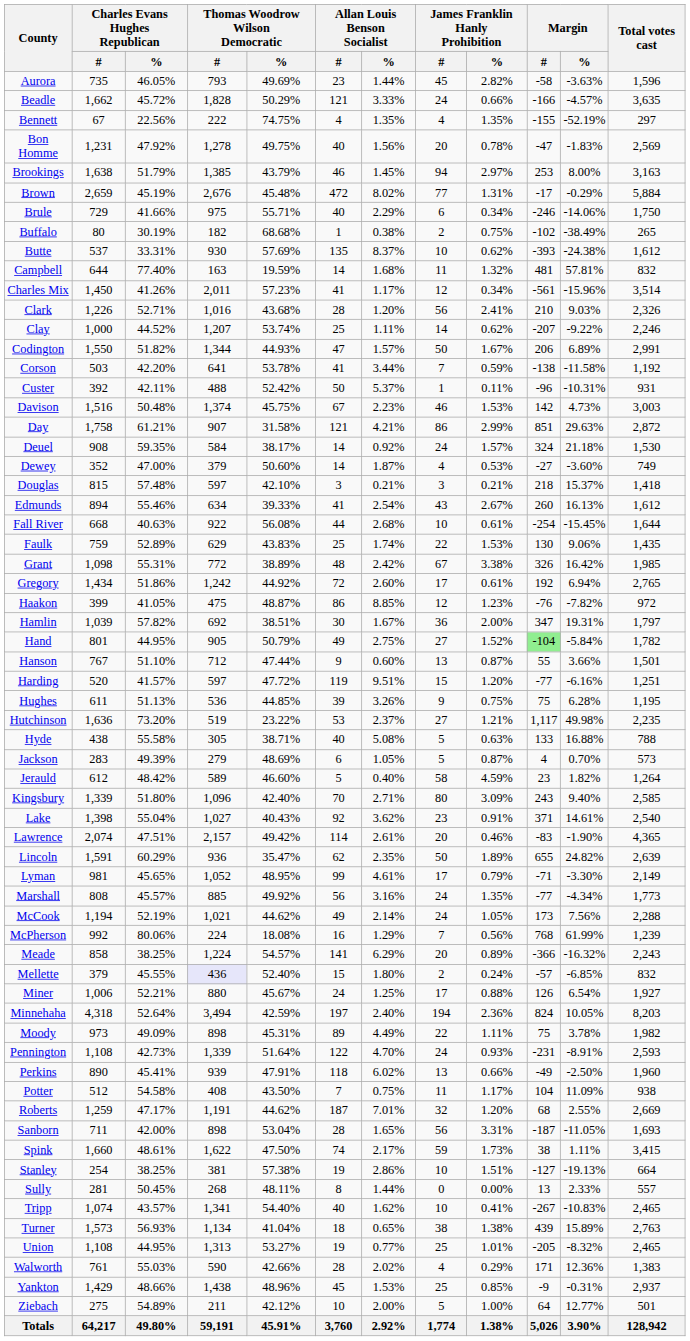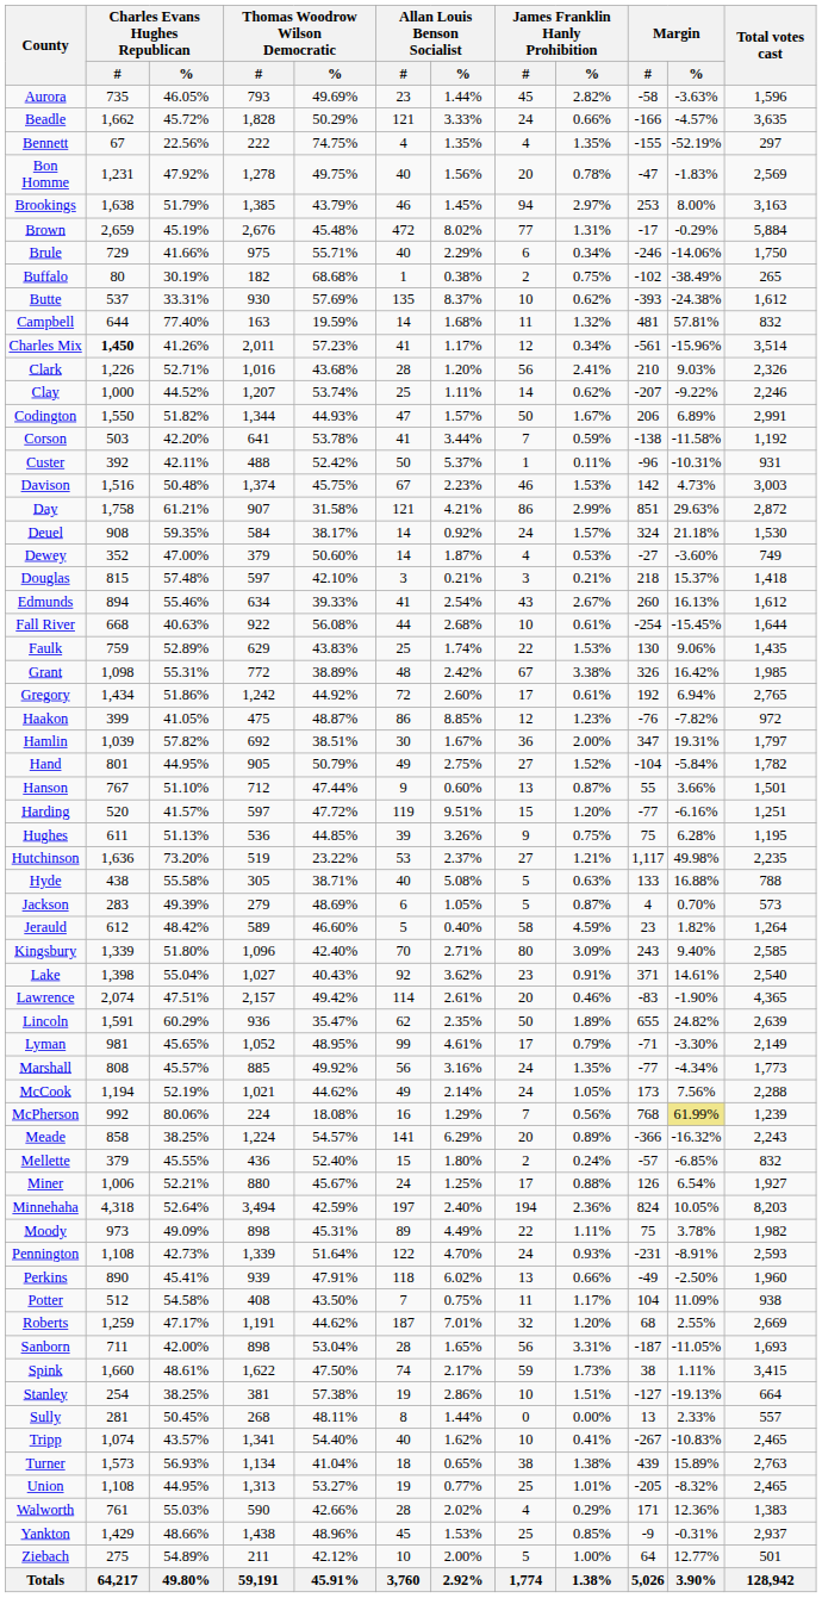 <table width="70%" class="wikitable sortable">
 <tr>
 <th rowspan="2">County</th>
 <th colspan="2">Charles Evans Hughes<br>Republican</th>
 <th colspan="2">Thomas Woodrow Wilson<br>Democratic</th>
 <th colspan="2">Allan Louis Benson<br>Socialist</th>
 <th colspan="2">James Franklin Hanly<br>Prohibition</th>
 <th colspan="2">Margin</th>
 <th rowspan="2">Total votes cast</th>
 </tr>
 <tr bgcolor="lightgrey">
 <th data-sort-type="number">#</th>
 <th data-sort-type="number">%</th>
 <th data-sort-type="number">#</th>
 <th data-sort-type="number">%</th>
 <th data-sort-type="number">#</th>
 <th data-sort-type="number">%</th>
 <th data-sort-type="number">#</th>
 <th data-sort-type="number">%</th>
 <th data-sort-type="number">#</th>
 <th data-sort-type="number">%</th>
 </tr>
 <tr style="text-align:center;">
 <td><a href='#'>Aurora</a></td>
 <td>735</td>
 <td>46.05%</td>
 <td>793</td>
 <td>49.69%</td>
 <td>23</td>
 <td>1.44%</td>
 <td>45</td>
 <td>2.82%</td>
 <td>-58</td>
 <td>-3.63%</td>
 <td>1,596</td>
 </tr>
 <tr style="text-align:center;">
 <td><a href='#'>Beadle</a></td>
 <td>1,662</td>
 <td>45.72%</td>
 <td>1,828</td>
 <td>50.29%</td>
 <td>121</td>
 <td>3.33%</td>
 <td>24</td>
 <td>0.66%</td>
 <td>-166</td>
 <td>-4.57%</td>
 <td>3,635</td>
 </tr>
 <tr style="text-align:center;">
 <td><a href='#'>Bennett</a></td>
 <td>67</td>
 <td>22.56%</td>
 <td>222</td>
 <td>74.75%</td>
 <td>4</td>
 <td>1.35%</td>
 <td>4</td>
 <td>1.35%</td>
 <td>-155</td>
 <td>-52.19%</td>
 <td>297</td>
 </tr>
 <tr style="text-align:center;">
 <td><a href='#'>Bon Homme</a></td>
 <td>1,231</td>
 <td>47.92%</td>
 <td>1,278</td>
 <td>49.75%</td>
 <td>40</td>
 <td>1.56%</td>
 <td>20</td>
 <td>0.78%</td>
 <td>-47</td>
 <td>-1.83%</td>
 <td>2,569</td>
 </tr>
 <tr style="text-align:center;">
 <td><a href='#'>Brookings</a></td>
 <td>1,638</td>
 <td>51.79%</td>
 <td>1,385</td>
 <td>43.79%</td>
 <td>46</td>
 <td>1.45%</td>
 <td>94</td>
 <td>2.97%</td>
 <td>253</td>
 <td>8.00%</td>
 <td>3,163</td>
 </tr>
 <tr style="text-align:center;">
 <td><a href='#'>Brown</a></td>
 <td>2,659</td>
 <td>45.19%</td>
 <td>2,676</td>
 <td>45.48%</td>
 <td>472</td>
 <td>8.02%</td>
 <td>77</td>
 <td>1.31%</td>
 <td>-17</td>
 <td>-0.29%</td>
 <td>5,884</td>
 </tr>
 <tr style="text-align:center;">
 <td><a href='#'>Brule</a></td>
 <td>729</td>
 <td>41.66%</td>
 <td>975</td>
 <td>55.71%</td>
 <td>40</td>
 <td>2.29%</td>
 <td>6</td>
 <td>0.34%</td>
 <td>-246</td>
 <td>-14.06%</td>
 <td>1,750</td>
 </tr>
 <tr style="text-align:center;">
 <td><a href='#'>Buffalo</a></td>
 <td>80</td>
 <td>30.19%</td>
 <td>182</td>
 <td>68.68%</td>
 <td>1</td>
 <td>0.38%</td>
 <td>2</td>
 <td>0.75%</td>
 <td>-102</td>
 <td>-38.49%</td>
 <td>265</td>
 </tr>
 <tr style="text-align:center;">
 <td><a href='#'>Butte</a></td>
 <td>537</td>
 <td>33.31%</td>
 <td>930</td>
 <td>57.69%</td>
 <td>135</td>
 <td>8.37%</td>
 <td>10</td>
 <td>0.62%</td>
 <td>-393</td>
 <td>-24.38%</td>
 <td>1,612</td>
 </tr>
 <tr style="text-align:center;">
 <td><a href='#'>Campbell</a></td>
 <td>644</td>
 <td>77.40%</td>
 <td>163</td>
 <td>19.59%</td>
 <td>14</td>
 <td>1.68%</td>
 <td>11</td>
 <td>1.32%</td>
 <td>481</td>
 <td>57.81%</td>
 <td>832</td>
 </tr>
 <tr style="text-align:center;">
 <td><a href='#'>Charles Mix</a></td>
-<td>1,450</td>
+<td><strong>1,450</strong></td>
 <td>41.26%</td>
 <td>2,011</td>
 <td>57.23%</td>
 <td>41</td>
 <td>1.17%</td>
 <td>12</td>
 <td>0.34%</td>
 <td>-561</td>
 <td>-15.96%</td>
 <td>3,514</td>
 </tr>
 <tr style="text-align:center;">
 <td><a href='#'>Clark</a></td>
 <td>1,226</td>
 <td>52.71%</td>
 <td>1,016</td>
 <td>43.68%</td>
 <td>28</td>
 <td>1.20%</td>
 <td>56</td>
 <td>2.41%</td>
 <td>210</td>
 <td>9.03%</td>
 <td>2,326</td>
 </tr>
 <tr style="text-align:center;">
 <td><a href='#'>Clay</a></td>
 <td>1,000</td>
 <td>44.52%</td>
 <td>1,207</td>
 <td>53.74%</td>
 <td>25</td>
 <td>1.11%</td>
 <td>14</td>
 <td>0.62%</td>
 <td>-207</td>
 <td>-9.22%</td>
 <td>2,246</td>
 </tr>
 <tr style="text-align:center;">
 <td><a href='#'>Codington</a></td>
 <td>1,550</td>
 <td>51.82%</td>
 <td>1,344</td>
 <td>44.93%</td>
 <td>47</td>
 <td>1.57%</td>
 <td>50</td>
 <td>1.67%</td>
 <td>206</td>
 <td>6.89%</td>
 <td>2,991</td>
 </tr>
 <tr style="text-align:center;">
 <td><a href='#'>Corson</a></td>
 <td>503</td>
 <td>42.20%</td>
 <td>641</td>
 <td>53.78%</td>
 <td>41</td>
 <td>3.44%</td>
 <td>7</td>
 <td>0.59%</td>
 <td>-138</td>
 <td>-11.58%</td>
 <td>1,192</td>
 </tr>
 <tr style="text-align:center;">
 <td><a href='#'>Custer</a></td>
 <td>392</td>
 <td>42.11%</td>
 <td>488</td>
 <td>52.42%</td>
 <td>50</td>
 <td>5.37%</td>
 <td>1</td>
 <td>0.11%</td>
 <td>-96</td>
 <td>-10.31%</td>
 <td>931</td>
 </tr>
 <tr style="text-align:center;">
 <td><a href='#'>Davison</a></td>
 <td>1,516</td>
 <td>50.48%</td>
 <td>1,374</td>
 <td>45.75%</td>
 <td>67</td>
 <td>2.23%</td>
 <td>46</td>
 <td>1.53%</td>
 <td>142</td>
 <td>4.73%</td>
 <td>3,003</td>
 </tr>
 <tr style="text-align:center;">
 <td><a href='#'>Day</a></td>
 <td>1,758</td>
 <td>61.21%</td>
 <td>907</td>
 <td>31.58%</td>
 <td>121</td>
 <td>4.21%</td>
 <td>86</td>
 <td>2.99%</td>
 <td>851</td>
 <td>29.63%</td>
 <td>2,872</td>
 </tr>
 <tr style="text-align:center;">
 <td><a href='#'>Deuel</a></td>
 <td>908</td>
 <td>59.35%</td>
 <td>584</td>
 <td>38.17%</td>
 <td>14</td>
 <td>0.92%</td>
 <td>24</td>
 <td>1.57%</td>
 <td>324</td>
 <td>21.18%</td>
 <td>1,530</td>
 </tr>
 <tr style="text-align:center;">
 <td><a href='#'>Dewey</a></td>
 <td>352</td>
 <td>47.00%</td>
 <td>379</td>
 <td>50.60%</td>
 <td>14</td>
 <td>1.87%</td>
 <td>4</td>
 <td>0.53%</td>
 <td>-27</td>
 <td>-3.60%</td>
 <td>749</td>
 </tr>
 <tr style="text-align:center;">
 <td><a href='#'>Douglas</a></td>
 <td>815</td>
 <td>57.48%</td>
 <td>597</td>
 <td>42.10%</td>
 <td>3</td>
 <td>0.21%</td>
 <td>3</td>
 <td>0.21%</td>
 <td>218</td>
 <td>15.37%</td>
 <td>1,418</td>
 </tr>
 <tr style="text-align:center;">
 <td><a href='#'>Edmunds</a></td>
 <td>894</td>
 <td>55.46%</td>
 <td>634</td>
 <td>39.33%</td>
 <td>41</td>
 <td>2.54%</td>
 <td>43</td>
 <td>2.67%</td>
 <td>260</td>
 <td>16.13%</td>
 <td>1,612</td>
 </tr>
 <tr style="text-align:center;">
 <td><a href='#'>Fall River</a></td>
 <td>668</td>
 <td>40.63%</td>
 <td>922</td>
 <td>56.08%</td>
 <td>44</td>
 <td>2.68%</td>
 <td>10</td>
 <td>0.61%</td>
 <td>-254</td>
 <td>-15.45%</td>
 <td>1,644</td>
 </tr>
 <tr style="text-align:center;">
 <td><a href='#'>Faulk</a></td>
 <td>759</td>
 <td>52.89%</td>
 <td>629</td>
 <td>43.83%</td>
 <td>25</td>
 <td>1.74%</td>
 <td>22</td>
 <td>1.53%</td>
 <td>130</td>
 <td>9.06%</td>
 <td>1,435</td>
 </tr>
 <tr style="text-align:center;">
 <td><a href='#'>Grant</a></td>
 <td>1,098</td>
 <td>55.31%</td>
 <td>772</td>
 <td>38.89%</td>
 <td>48</td>
 <td>2.42%</td>
 <td>67</td>
 <td>3.38%</td>
 <td>326</td>
 <td>16.42%</td>
 <td>1,985</td>
 </tr>
 <tr style="text-align:center;">
 <td><a href='#'>Gregory</a></td>
 <td>1,434</td>
 <td>51.86%</td>
 <td>1,242</td>
 <td>44.92%</td>
 <td>72</td>
 <td>2.60%</td>
 <td>17</td>
 <td>0.61%</td>
 <td>192</td>
 <td>6.94%</td>
 <td>2,765</td>
 </tr>
 <tr style="text-align:center;">
 <td><a href='#'>Haakon</a></td>
 <td>399</td>
 <td>41.05%</td>
 <td>475</td>
 <td>48.87%</td>
 <td>86</td>
 <td>8.85%</td>
 <td>12</td>
 <td>1.23%</td>
 <td>-76</td>
 <td>-7.82%</td>
 <td>972</td>
 </tr>
 <tr style="text-align:center;">
 <td><a href='#'>Hamlin</a></td>
 <td>1,039</td>
 <td>57.82%</td>
 <td>692</td>
 <td>38.51%</td>
 <td>30</td>
 <td>1.67%</td>
 <td>36</td>
 <td>2.00%</td>
 <td>347</td>
 <td>19.31%</td>
 <td>1,797</td>
 </tr>
 <tr style="text-align:center;">
 <td><a href='#'>Hand</a></td>
 <td>801</td>
 <td>44.95%</td>
 <td>905</td>
 <td>50.79%</td>
 <td>49</td>
 <td>2.75%</td>
 <td>27</td>
 <td>1.52%</td>
-<td style="background: lightgreen;">-104</td>
+<td>-104</td>
 <td>-5.84%</td>
 <td>1,782</td>
 </tr>
 <tr style="text-align:center;">
 <td><a href='#'>Hanson</a></td>
 <td>767</td>
 <td>51.10%</td>
 <td>712</td>
 <td>47.44%</td>
 <td>9</td>
 <td>0.60%</td>
 <td>13</td>
 <td>0.87%</td>
 <td>55</td>
 <td>3.66%</td>
 <td>1,501</td>
 </tr>
 <tr style="text-align:center;">
 <td><a href='#'>Harding</a></td>
 <td>520</td>
 <td>41.57%</td>
 <td>597</td>
 <td>47.72%</td>
 <td>119</td>
 <td>9.51%</td>
 <td>15</td>
 <td>1.20%</td>
 <td>-77</td>
 <td>-6.16%</td>
 <td>1,251</td>
 </tr>
 <tr style="text-align:center;">
 <td><a href='#'>Hughes</a></td>
 <td>611</td>
 <td>51.13%</td>
 <td>536</td>
 <td>44.85%</td>
 <td>39</td>
 <td>3.26%</td>
 <td>9</td>
 <td>0.75%</td>
 <td>75</td>
 <td>6.28%</td>
 <td>1,195</td>
 </tr>
 <tr style="text-align:center;">
 <td><a href='#'>Hutchinson</a></td>
 <td>1,636</td>
 <td>73.20%</td>
 <td>519</td>
 <td>23.22%</td>
 <td>53</td>
 <td>2.37%</td>
 <td>27</td>
 <td>1.21%</td>
 <td>1,117</td>
 <td>49.98%</td>
 <td>2,235</td>
 </tr>
 <tr style="text-align:center;">
 <td><a href='#'>Hyde</a></td>
 <td>438</td>
 <td>55.58%</td>
 <td>305</td>
 <td>38.71%</td>
 <td>40</td>
 <td>5.08%</td>
 <td>5</td>
 <td>0.63%</td>
 <td>133</td>
 <td>16.88%</td>
 <td>788</td>
 </tr>
 <tr style="text-align:center;">
 <td><a href='#'>Jackson</a></td>
 <td>283</td>
 <td>49.39%</td>
 <td>279</td>
 <td>48.69%</td>
 <td>6</td>
 <td>1.05%</td>
 <td>5</td>
 <td>0.87%</td>
 <td>4</td>
 <td>0.70%</td>
 <td>573</td>
 </tr>
 <tr style="text-align:center;">
 <td><a href='#'>Jerauld</a></td>
 <td>612</td>
 <td>48.42%</td>
 <td>589</td>
 <td>46.60%</td>
 <td>5</td>
 <td>0.40%</td>
 <td>58</td>
 <td>4.59%</td>
 <td>23</td>
 <td>1.82%</td>
 <td>1,264</td>
 </tr>
 <tr style="text-align:center;">
 <td><a href='#'>Kingsbury</a></td>
 <td>1,339</td>
 <td>51.80%</td>
 <td>1,096</td>
 <td>42.40%</td>
 <td>70</td>
 <td>2.71%</td>
 <td>80</td>
 <td>3.09%</td>
 <td>243</td>
 <td>9.40%</td>
 <td>2,585</td>
 </tr>
 <tr style="text-align:center;">
 <td><a href='#'>Lake</a></td>
 <td>1,398</td>
 <td>55.04%</td>
 <td>1,027</td>
 <td>40.43%</td>
 <td>92</td>
 <td>3.62%</td>
 <td>23</td>
 <td>0.91%</td>
 <td>371</td>
 <td>14.61%</td>
 <td>2,540</td>
 </tr>
 <tr style="text-align:center;">
 <td><a href='#'>Lawrence</a></td>
 <td>2,074</td>
 <td>47.51%</td>
 <td>2,157</td>
 <td>49.42%</td>
 <td>114</td>
 <td>2.61%</td>
 <td>20</td>
 <td>0.46%</td>
 <td>-83</td>
 <td>-1.90%</td>
 <td>4,365</td>
 </tr>
 <tr style="text-align:center;">
 <td><a href='#'>Lincoln</a></td>
 <td>1,591</td>
 <td>60.29%</td>
 <td>936</td>
 <td>35.47%</td>
 <td>62</td>
 <td>2.35%</td>
 <td>50</td>
 <td>1.89%</td>
 <td>655</td>
 <td>24.82%</td>
 <td>2,639</td>
 </tr>
 <tr style="text-align:center;">
 <td><a href='#'>Lyman</a></td>
 <td>981</td>
 <td>45.65%</td>
 <td>1,052</td>
 <td>48.95%</td>
 <td>99</td>
 <td>4.61%</td>
 <td>17</td>
 <td>0.79%</td>
 <td>-71</td>
 <td>-3.30%</td>
 <td>2,149</td>
 </tr>
 <tr style="text-align:center;">
 <td><a href='#'>Marshall</a></td>
 <td>808</td>
 <td>45.57%</td>
 <td>885</td>
 <td>49.92%</td>
 <td>56</td>
 <td>3.16%</td>
 <td>24</td>
 <td>1.35%</td>
 <td>-77</td>
 <td>-4.34%</td>
 <td>1,773</td>
 </tr>
 <tr style="text-align:center;">
 <td><a href='#'>McCook</a></td>
 <td>1,194</td>
 <td>52.19%</td>
 <td>1,021</td>
 <td>44.62%</td>
 <td>49</td>
 <td>2.14%</td>
 <td>24</td>
 <td>1.05%</td>
 <td>173</td>
 <td>7.56%</td>
 <td>2,288</td>
 </tr>
 <tr style="text-align:center;">
 <td><a href='#'>McPherson</a></td>
 <td>992</td>
 <td>80.06%</td>
 <td>224</td>
 <td>18.08%</td>
 <td>16</td>
 <td>1.29%</td>
 <td>7</td>
 <td>0.56%</td>
 <td>768</td>
-<td>61.99%</td>
+<td style="background: khaki;">61.99%</td>
 <td>1,239</td>
 </tr>
 <tr style="text-align:center;">
 <td><a href='#'>Meade</a></td>
 <td>858</td>
 <td>38.25%</td>
 <td>1,224</td>
 <td>54.57%</td>
 <td>141</td>
 <td>6.29%</td>
 <td>20</td>
 <td>0.89%</td>
 <td>-366</td>
 <td>-16.32%</td>
 <td>2,243</td>
 </tr>
 <tr style="text-align:center;">
 <td><a href='#'>Mellette</a></td>
 <td>379</td>
 <td>45.55%</td>
-<td style="background: lavender;">436</td>
+<td>436</td>
 <td>52.40%</td>
 <td>15</td>
 <td>1.80%</td>
 <td>2</td>
 <td>0.24%</td>
 <td>-57</td>
 <td>-6.85%</td>
 <td>832</td>
 </tr>
 <tr style="text-align:center;">
 <td><a href='#'>Miner</a></td>
 <td>1,006</td>
 <td>52.21%</td>
 <td>880</td>
 <td>45.67%</td>
 <td>24</td>
 <td>1.25%</td>
 <td>17</td>
 <td>0.88%</td>
 <td>126</td>
 <td>6.54%</td>
 <td>1,927</td>
 </tr>
 <tr style="text-align:center;">
 <td><a href='#'>Minnehaha</a></td>
 <td>4,318</td>
 <td>52.64%</td>
 <td>3,494</td>
 <td>42.59%</td>
 <td>197</td>
 <td>2.40%</td>
 <td>194</td>
 <td>2.36%</td>
 <td>824</td>
 <td>10.05%</td>
 <td>8,203</td>
 </tr>
 <tr style="text-align:center;">
 <td><a href='#'>Moody</a></td>
 <td>973</td>
 <td>49.09%</td>
 <td>898</td>
 <td>45.31%</td>
 <td>89</td>
 <td>4.49%</td>
 <td>22</td>
 <td>1.11%</td>
 <td>75</td>
 <td>3.78%</td>
 <td>1,982</td>
 </tr>
 <tr style="text-align:center;">
 <td><a href='#'>Pennington</a></td>
 <td>1,108</td>
 <td>42.73%</td>
 <td>1,339</td>
 <td>51.64%</td>
 <td>122</td>
 <td>4.70%</td>
 <td>24</td>
 <td>0.93%</td>
 <td>-231</td>
 <td>-8.91%</td>
 <td>2,593</td>
 </tr>
 <tr style="text-align:center;">
 <td><a href='#'>Perkins</a></td>
 <td>890</td>
 <td>45.41%</td>
 <td>939</td>
 <td>47.91%</td>
 <td>118</td>
 <td>6.02%</td>
 <td>13</td>
 <td>0.66%</td>
 <td>-49</td>
 <td>-2.50%</td>
 <td>1,960</td>
 </tr>
 <tr style="text-align:center;">
 <td><a href='#'>Potter</a></td>
 <td>512</td>
 <td>54.58%</td>
 <td>408</td>
 <td>43.50%</td>
 <td>7</td>
 <td>0.75%</td>
 <td>11</td>
 <td>1.17%</td>
 <td>104</td>
 <td>11.09%</td>
 <td>938</td>
 </tr>
 <tr style="text-align:center;">
 <td><a href='#'>Roberts</a></td>
 <td>1,259</td>
 <td>47.17%</td>
 <td>1,191</td>
 <td>44.62%</td>
 <td>187</td>
 <td>7.01%</td>
 <td>32</td>
 <td>1.20%</td>
 <td>68</td>
 <td>2.55%</td>
 <td>2,669</td>
 </tr>
 <tr style="text-align:center;">
 <td><a href='#'>Sanborn</a></td>
 <td>711</td>
 <td>42.00%</td>
 <td>898</td>
 <td>53.04%</td>
 <td>28</td>
 <td>1.65%</td>
 <td>56</td>
 <td>3.31%</td>
 <td>-187</td>
 <td>-11.05%</td>
 <td>1,693</td>
 </tr>
 <tr style="text-align:center;">
 <td><a href='#'>Spink</a></td>
 <td>1,660</td>
 <td>48.61%</td>
 <td>1,622</td>
 <td>47.50%</td>
 <td>74</td>
 <td>2.17%</td>
 <td>59</td>
 <td>1.73%</td>
 <td>38</td>
 <td>1.11%</td>
 <td>3,415</td>
 </tr>
 <tr style="text-align:center;">
 <td><a href='#'>Stanley</a></td>
 <td>254</td>
 <td>38.25%</td>
 <td>381</td>
 <td>57.38%</td>
 <td>19</td>
 <td>2.86%</td>
 <td>10</td>
 <td>1.51%</td>
 <td>-127</td>
 <td>-19.13%</td>
 <td>664</td>
 </tr>
 <tr style="text-align:center;">
 <td><a href='#'>Sully</a></td>
 <td>281</td>
 <td>50.45%</td>
 <td>268</td>
 <td>48.11%</td>
 <td>8</td>
 <td>1.44%</td>
 <td>0</td>
 <td>0.00%</td>
 <td>13</td>
 <td>2.33%</td>
 <td>557</td>
 </tr>
 <tr style="text-align:center;">
 <td><a href='#'>Tripp</a></td>
 <td>1,074</td>
 <td>43.57%</td>
 <td>1,341</td>
 <td>54.40%</td>
 <td>40</td>
 <td>1.62%</td>
 <td>10</td>
 <td>0.41%</td>
 <td>-267</td>
 <td>-10.83%</td>
 <td>2,465</td>
 </tr>
 <tr style="text-align:center;">
 <td><a href='#'>Turner</a></td>
 <td>1,573</td>
 <td>56.93%</td>
 <td>1,134</td>
 <td>41.04%</td>
 <td>18</td>
 <td>0.65%</td>
 <td>38</td>
 <td>1.38%</td>
 <td>439</td>
 <td>15.89%</td>
 <td>2,763</td>
 </tr>
 <tr style="text-align:center;">
 <td><a href='#'>Union</a></td>
 <td>1,108</td>
 <td>44.95%</td>
 <td>1,313</td>
 <td>53.27%</td>
 <td>19</td>
 <td>0.77%</td>
 <td>25</td>
 <td>1.01%</td>
 <td>-205</td>
 <td>-8.32%</td>
 <td>2,465</td>
 </tr>
 <tr style="text-align:center;">
 <td><a href='#'>Walworth</a></td>
 <td>761</td>
 <td>55.03%</td>
 <td>590</td>
 <td>42.66%</td>
 <td>28</td>
 <td>2.02%</td>
 <td>4</td>
 <td>0.29%</td>
 <td>171</td>
 <td>12.36%</td>
 <td>1,383</td>
 </tr>
 <tr style="text-align:center;">
 <td><a href='#'>Yankton</a></td>
 <td>1,429</td>
 <td>48.66%</td>
 <td>1,438</td>
 <td>48.96%</td>
 <td>45</td>
 <td>1.53%</td>
 <td>25</td>
 <td>0.85%</td>
 <td>-9</td>
 <td>-0.31%</td>
 <td>2,937</td>
 </tr>
 <tr style="text-align:center;">
 <td><a href='#'>Ziebach</a></td>
 <td>275</td>
 <td>54.89%</td>
 <td>211</td>
 <td>42.12%</td>
 <td>10</td>
 <td>2.00%</td>
 <td>5</td>
 <td>1.00%</td>
 <td>64</td>
 <td>12.77%</td>
 <td>501</td>
 </tr>
 <tr style="text-align:center;">
 <th>Totals</th>
 <th>64,217</th>
 <th>49.80%</th>
 <th>59,191</th>
 <th>45.91%</th>
 <th>3,760</th>
 <th>2.92%</th>
 <th>1,774</th>
 <th>1.38%</th>
 <th>5,026</th>
 <th>3.90%</th>
 <th>128,942</th>
 </tr>
 </table>
